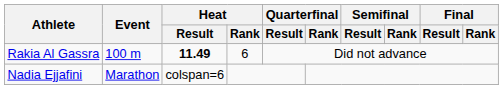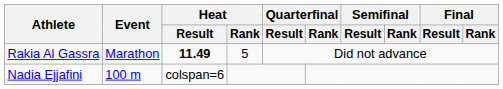 <table class=wikitable style="font-size:90%">
 <tr>
 <th rowspan="2">Athlete</th>
 <th rowspan="2">Event</th>
 <th colspan="2">Heat</th>
 <th colspan="2">Quarterfinal</th>
 <th colspan="2">Semifinal</th>
 <th colspan="2">Final</th>
 </tr>
 <tr style="font-size:95%">
 <th>Result</th>
 <th>Rank</th>
 <th>Result</th>
 <th>Rank</th>
 <th>Result</th>
 <th>Rank</th>
 <th>Result</th>
 <th>Rank</th>
 </tr>
 <tr align=center>
 <td align=left><a href='#'>Rakia Al Gassra</a></td>
-<td align=left><a href='#'>100 m</a></td>
+<td align=left><a href='#'>Marathon</a></td>
 <td><strong>11.49</strong></td>
-<td>6</td>
+<td>5</td>
 <td colspan=6>Did not advance</td>
 </tr>
 <tr align=center>
 <td align=left><a href='#'>Nadia Ejjafini</a></td>
-<td align=left><a href='#'>Marathon</a></td>
+<td align=left><a href='#'>100 m</a></td>
 <td>colspan=6 </td>
 <td colspan=2></td>
 </tr>
 </table>
